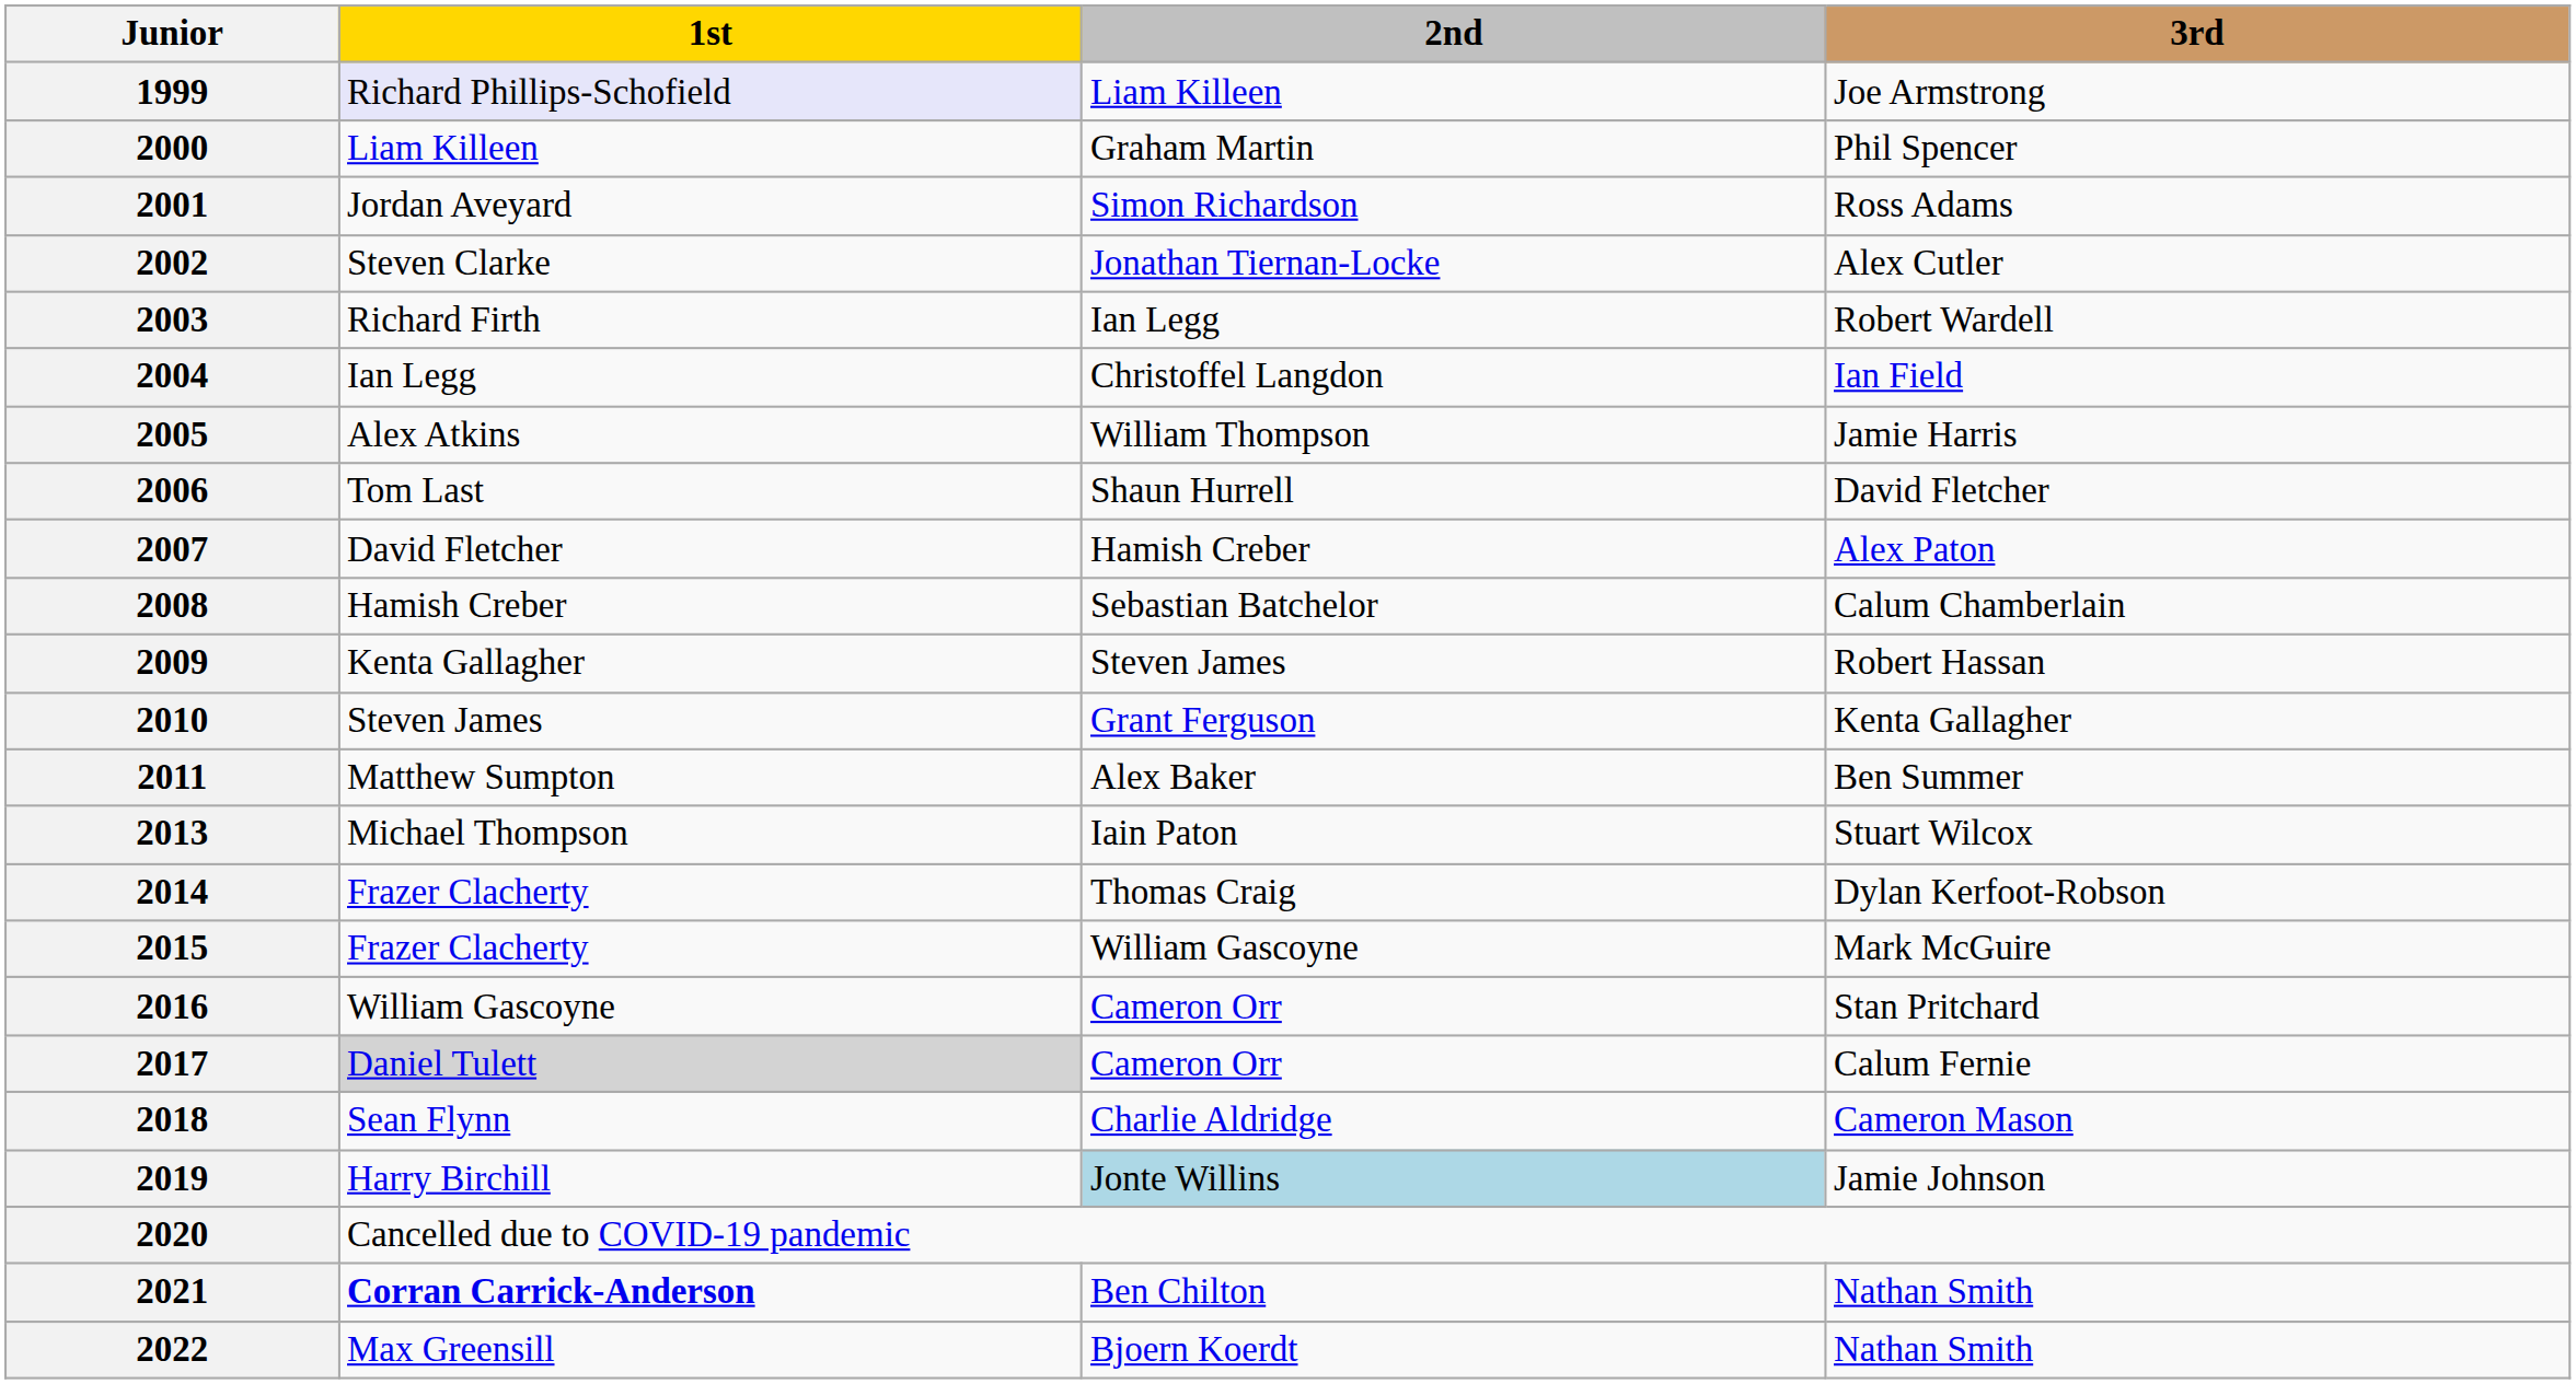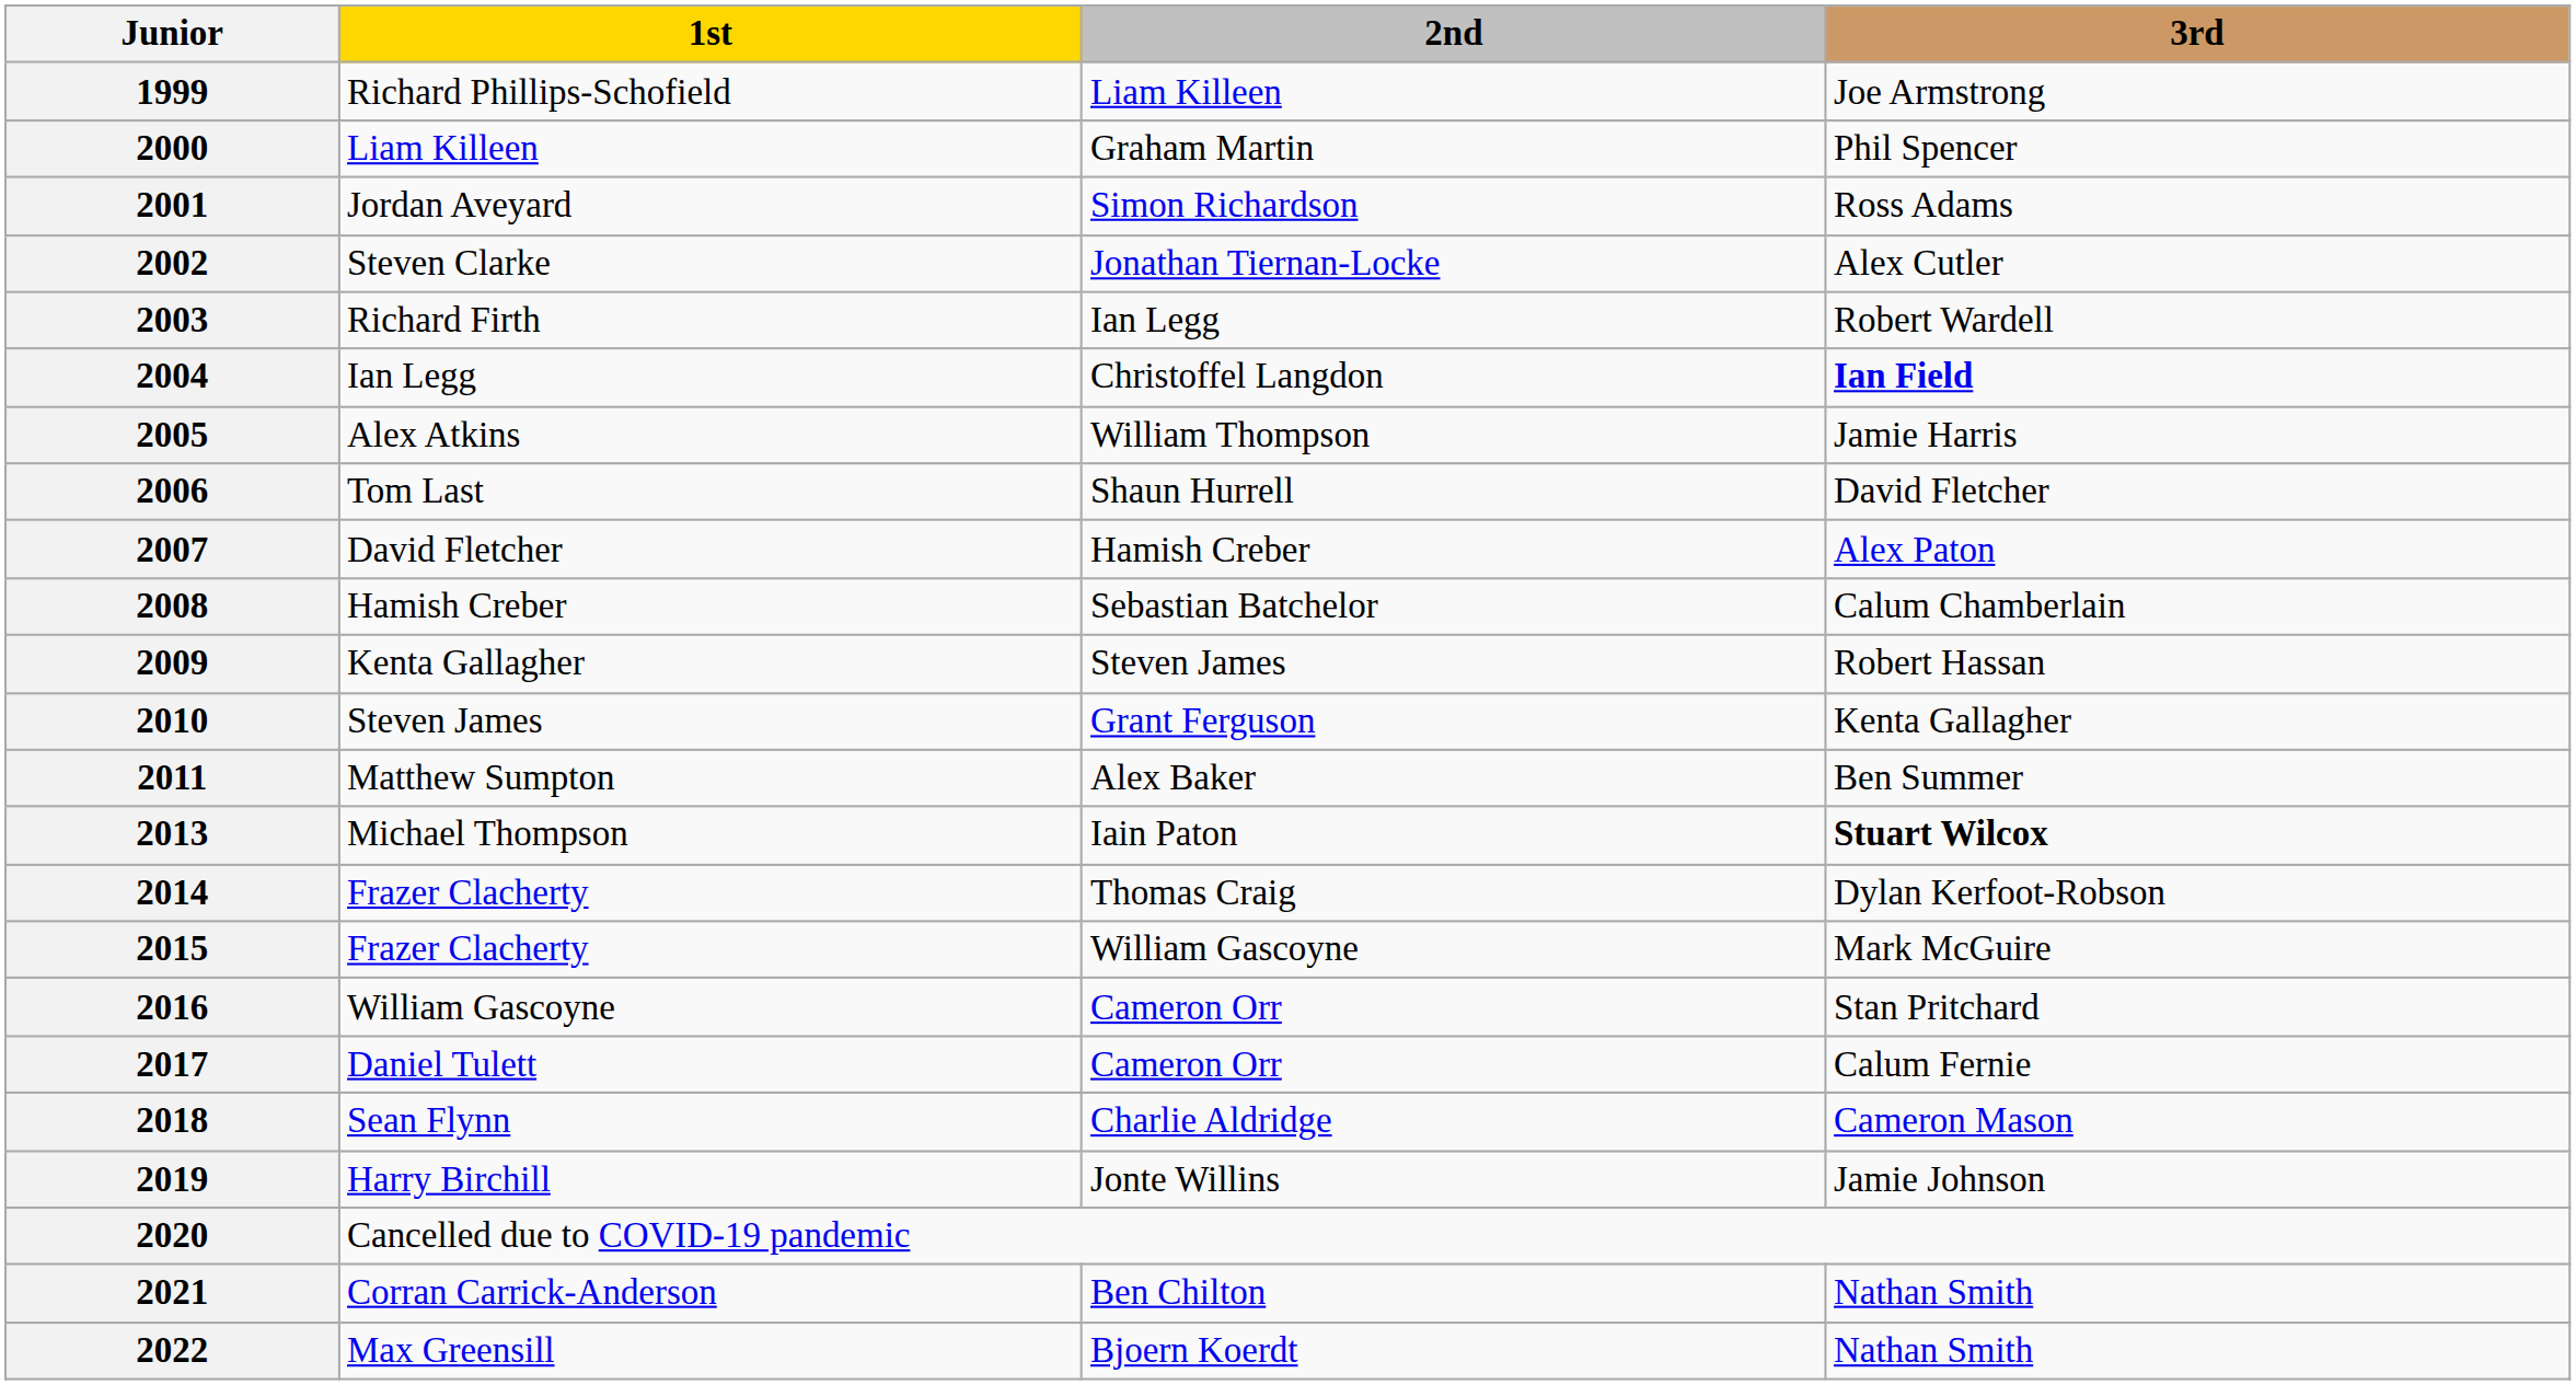 <table class="wikitable" style="width:90%;">
 <tr>
 <th>Junior</th>
 <th style="width:29%; background:gold;">1st</th>
 <th style="width:29%; background:silver;">2nd</th>
 <th style="width:29%; background:#c96;">3rd</th>
 </tr>
 <tr>
 <th>1999</th>
-<td style="background: lavender;">Richard Phillips-Schofield</td>
+<td>Richard Phillips-Schofield</td>
 <td><a href='#'>Liam Killeen</a></td>
 <td>Joe Armstrong</td>
 </tr>
 <tr>
 <th>2000</th>
 <td><a href='#'>Liam Killeen</a></td>
 <td>Graham Martin</td>
 <td>Phil Spencer</td>
 </tr>
 <tr>
 <th>2001</th>
 <td>Jordan Aveyard</td>
 <td><a href='#'>Simon Richardson</a></td>
 <td>Ross Adams</td>
 </tr>
 <tr>
 <th>2002</th>
 <td>Steven Clarke</td>
 <td><a href='#'>Jonathan Tiernan-Locke</a></td>
 <td>Alex Cutler</td>
 </tr>
 <tr>
 <th>2003</th>
 <td>Richard Firth</td>
 <td>Ian Legg</td>
 <td>Robert Wardell</td>
 </tr>
 <tr>
 <th>2004</th>
 <td>Ian Legg</td>
 <td>Christoffel Langdon</td>
-<td><a href='#'>Ian Field</a></td>
+<td><strong><a href='#'>Ian Field</a></strong></td>
 </tr>
 <tr>
 <th>2005</th>
 <td>Alex Atkins</td>
 <td>William Thompson</td>
 <td>Jamie Harris</td>
 </tr>
 <tr>
 <th>2006</th>
 <td>Tom Last</td>
 <td>Shaun Hurrell</td>
 <td>David Fletcher</td>
 </tr>
 <tr>
 <th>2007</th>
 <td>David Fletcher</td>
 <td>Hamish Creber</td>
 <td><a href='#'>Alex Paton</a></td>
 </tr>
 <tr>
 <th>2008</th>
 <td>Hamish Creber</td>
 <td>Sebastian Batchelor</td>
 <td>Calum Chamberlain</td>
 </tr>
 <tr>
 <th>2009</th>
 <td>Kenta Gallagher</td>
 <td>Steven James</td>
 <td>Robert Hassan</td>
 </tr>
 <tr>
 <th>2010</th>
 <td>Steven James</td>
 <td><a href='#'>Grant Ferguson</a></td>
 <td>Kenta Gallagher</td>
 </tr>
 <tr>
 <th>2011</th>
 <td>Matthew Sumpton</td>
 <td>Alex Baker</td>
 <td>Ben Summer</td>
 </tr>
 <tr>
 <th>2013</th>
 <td>Michael Thompson</td>
 <td>Iain Paton</td>
-<td>Stuart Wilcox</td>
+<td><strong>Stuart Wilcox</strong></td>
 </tr>
 <tr>
 <th>2014</th>
 <td><a href='#'>Frazer Clacherty</a></td>
 <td>Thomas Craig</td>
 <td>Dylan Kerfoot-Robson</td>
 </tr>
 <tr>
 <th>2015</th>
 <td><a href='#'>Frazer Clacherty</a></td>
 <td>William Gascoyne</td>
 <td>Mark McGuire</td>
 </tr>
 <tr>
 <th>2016</th>
 <td>William Gascoyne</td>
 <td><a href='#'>Cameron Orr</a></td>
 <td>Stan Pritchard</td>
 </tr>
 <tr>
 <th>2017</th>
-<td style="background: lightgrey;"><a href='#'>Daniel Tulett</a></td>
+<td><a href='#'>Daniel Tulett</a></td>
 <td><a href='#'>Cameron Orr</a></td>
 <td>Calum Fernie</td>
 </tr>
 <tr>
 <th>2018</th>
 <td><a href='#'>Sean Flynn</a></td>
 <td><a href='#'>Charlie Aldridge</a></td>
 <td><a href='#'>Cameron Mason</a></td>
 </tr>
 <tr>
 <th>2019</th>
 <td><a href='#'>Harry Birchill</a></td>
-<td style="background: lightblue;">Jonte Willins</td>
+<td>Jonte Willins</td>
 <td>Jamie Johnson</td>
 </tr>
 <tr>
 <th>2020</th>
 <td colspan=3>Cancelled due to <a href='#'>COVID-19 pandemic</a></td>
 </tr>
 <tr>
 <th>2021</th>
-<td><strong><a href='#'>Corran Carrick-Anderson</a></strong></td>
+<td><a href='#'>Corran Carrick-Anderson</a></td>
 <td><a href='#'>Ben Chilton</a></td>
 <td><a href='#'>Nathan Smith</a></td>
 </tr>
 <tr>
 <th>2022</th>
 <td><a href='#'>Max Greensill</a></td>
 <td><a href='#'>Bjoern Koerdt</a></td>
 <td><a href='#'>Nathan Smith</a></td>
 </tr>
 </table>
